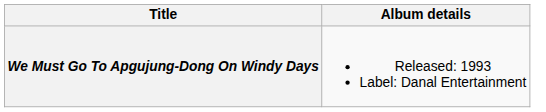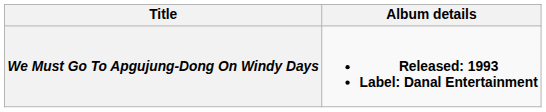 <table class="wikitable plainrowheaders" style="text-align:center;">
 <tr>
 <th rowspan="1" scope="col">Title</th>
 <th rowspan="1" scope="col">Album details</th>
 </tr>
 <tr>
 <th scope="row"><em>We Must Go To Apgujung-Dong On Windy Days</em></th>
-<td><br><ul><li>Released: 1993</li><li>Label: Danal Entertainment</li></ul></td>
+<td><strong><br><ul><li>Released: 1993</li><li>Label: Danal Entertainment</li></ul></strong></td>
 </tr>
 </table>
